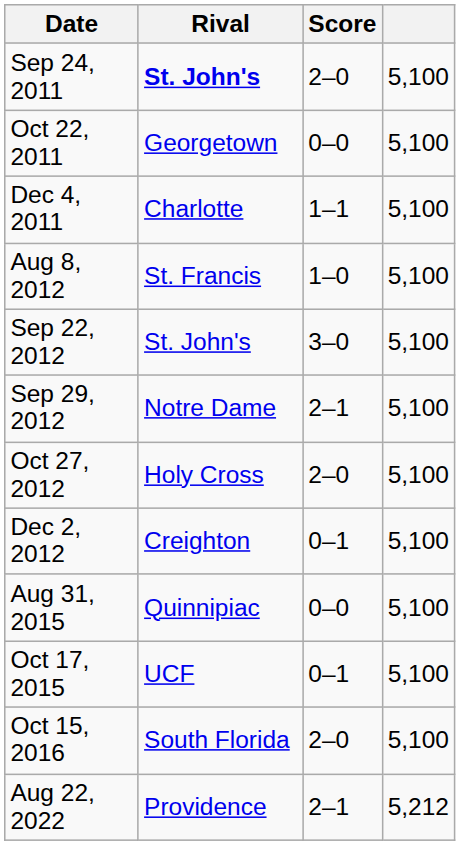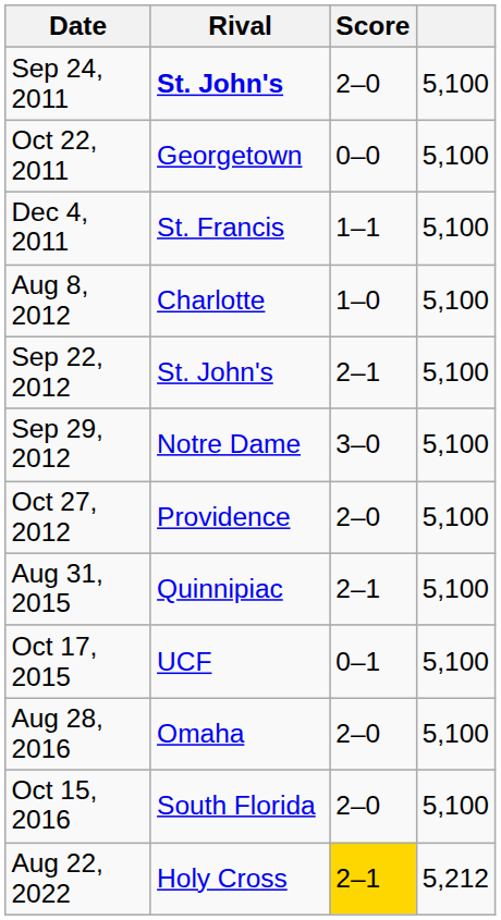 <table class="wikitable sortable">
 <tr>
 <th width=80px>Date</th>
 <th width=100px>Rival</th>
 <th width=px>Score</th>
 <th width=px></th>
 </tr>
 <tr>
 <td>Sep 24, 2011</td>
 <td><strong><a href='#'>St. John's</a></strong></td>
 <td>2–0</td>
 <td>5,100</td>
 </tr>
 <tr>
 <td>Oct 22, 2011</td>
 <td><a href='#'>Georgetown</a></td>
 <td>0–0</td>
 <td>5,100</td>
 </tr>
 <tr>
 <td>Dec 4, 2011</td>
-<td><a href='#'>Charlotte</a> </td>
+<td><a href='#'>St. Francis</a></td>
 <td>1–1</td>
 <td>5,100</td>
 </tr>
 <tr>
 <td>Aug 8, 2012</td>
-<td><a href='#'>St. Francis</a></td>
+<td><a href='#'>Charlotte</a> </td>
 <td>1–0</td>
 <td>5,100</td>
 </tr>
 <tr>
 <td>Sep 22, 2012</td>
 <td><a href='#'>St. John's</a></td>
-<td>3–0</td>
+<td>2–1</td>
 <td>5,100</td>
 </tr>
 <tr>
 <td>Sep 29, 2012</td>
 <td><a href='#'>Notre Dame</a></td>
-<td>2–1</td>
+<td>3–0</td>
 <td>5,100</td>
 </tr>
 <tr>
 <td>Oct 27, 2012</td>
-<td><a href='#'>Holy Cross</a></td>
+<td><a href='#'>Providence</a></td>
 <td>2–0</td>
-<td>5,100</td>
-</tr>
-<tr>
-<td>Dec 2, 2012</td>
-<td><a href='#'>Creighton</a> </td>
-<td>0–1</td>
 <td>5,100</td>
 </tr>
 <tr>
 <td>Aug 31, 2015</td>
 <td><a href='#'>Quinnipiac</a></td>
-<td>0–0</td>
+<td>2–1</td>
 <td>5,100</td>
 </tr>
 <tr>
 <td>Oct 17, 2015</td>
 <td><a href='#'>UCF</a></td>
 <td>0–1</td>
+<td>5,100</td>
+</tr>
+<tr>
+<td>Aug 28, 2016</td>
+<td><a href='#'>Omaha</a></td>
+<td>2–0</td>
 <td>5,100</td>
 </tr>
 <tr>
 <td>Oct 15, 2016</td>
 <td><a href='#'>South Florida</a></td>
 <td>2–0</td>
 <td>5,100</td>
 </tr>
 <tr>
 <td>Aug 22, 2022</td>
-<td><a href='#'>Providence</a></td>
-<td>2–1</td>
+<td><a href='#'>Holy Cross</a></td>
+<td style="background: gold;">2–1</td>
 <td>5,212</td>
 </tr>
 </table>
